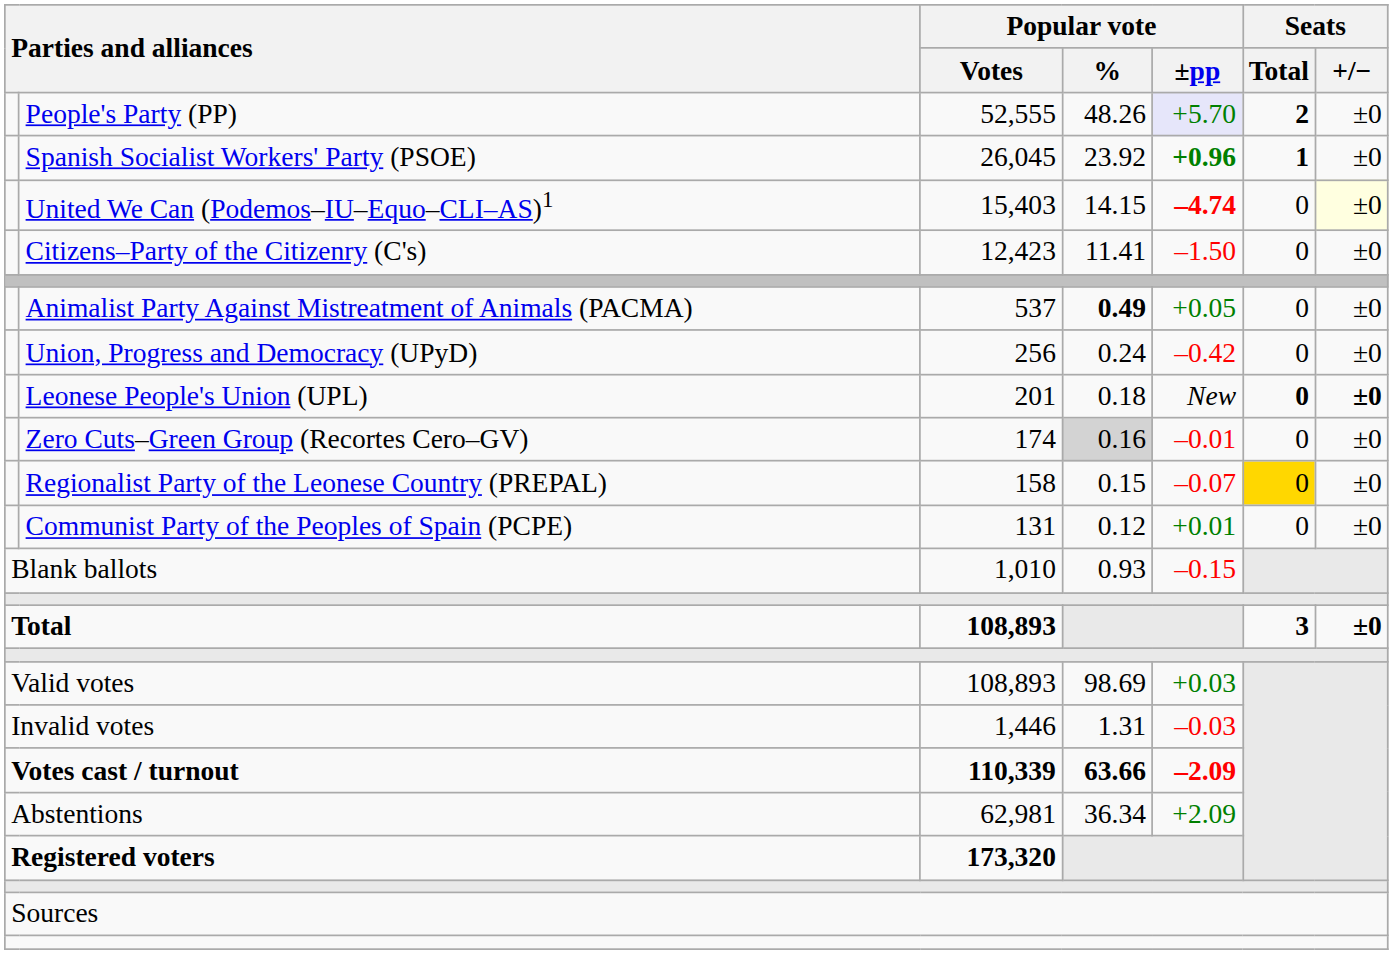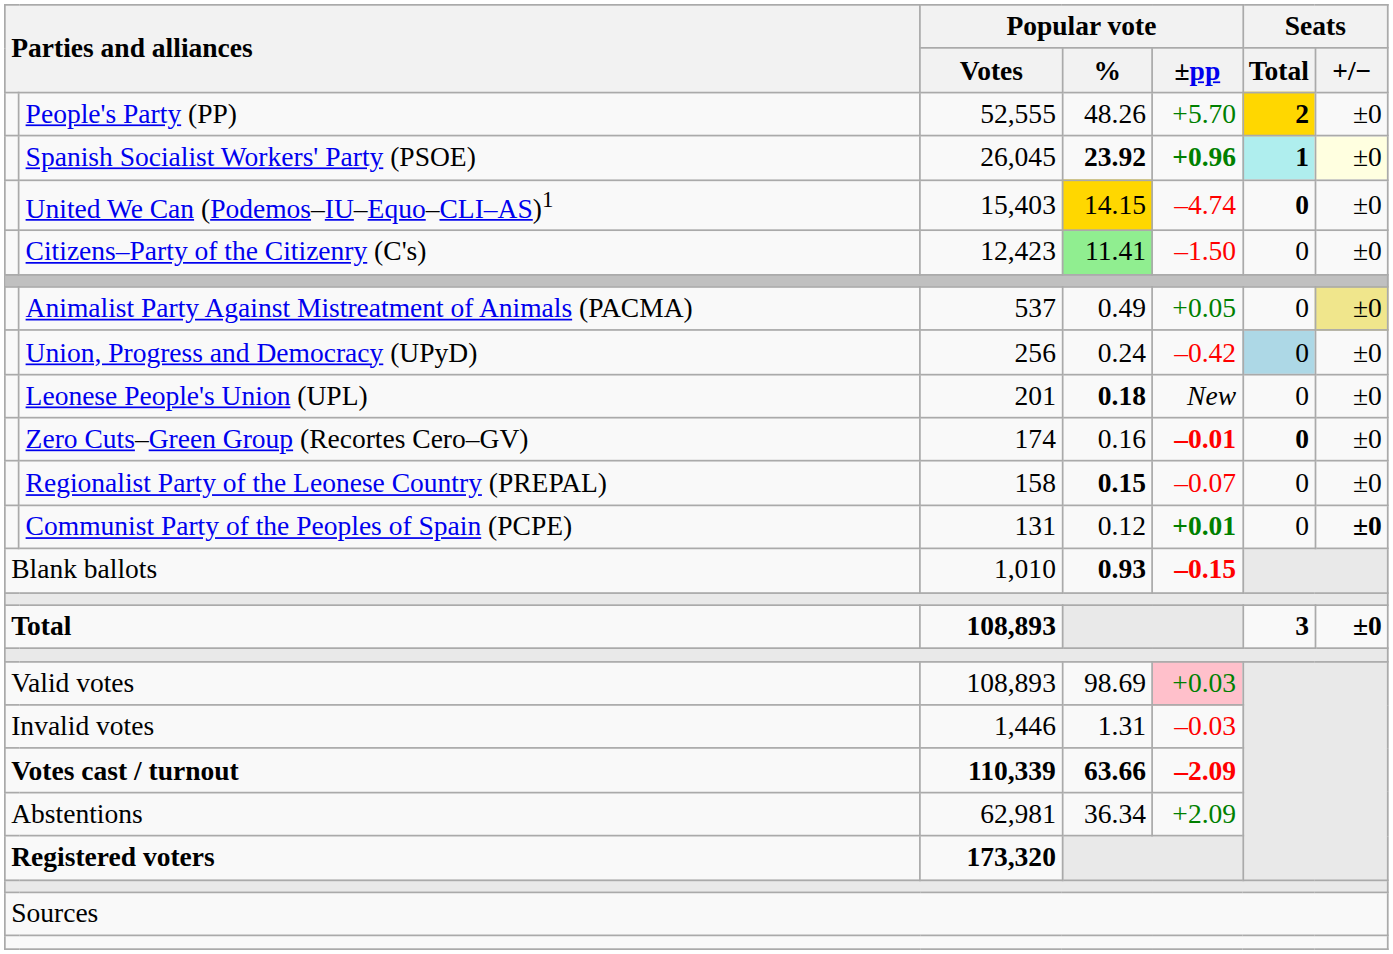 <table class="wikitable" style="text-align:right;">
 <tr>
 <th style="text-align:left;" rowspan="2" colspan="2" width="525">Parties and alliances</th>
 <th colspan="3">Popular vote</th>
 <th colspan="2">Seats</th>
 </tr>
 <tr>
 <th width="75">Votes</th>
 <th width="45">%</th>
 <th width="45">±<a href='#'>pp</a></th>
 <th width="35">Total</th>
 <th width="35">+/−</th>
 </tr>
 <tr>
 <td width="1" style="color:inherit;background:"></td>
 <td align="left"><a href='#'>People's Party</a> (PP)</td>
 <td>52,555</td>
 <td>48.26</td>
-<td style="background: lavender; color:green;">+5.70</td>
-<td><strong>2</strong></td>
+<td style="color:green;">+5.70</td>
+<td style="background: gold;"><strong>2</strong></td>
 <td>±0</td>
 </tr>
 <tr>
 <td style="color:inherit;background:"></td>
 <td align="left"><a href='#'>Spanish Socialist Workers' Party</a> (PSOE)</td>
 <td>26,045</td>
-<td>23.92</td>
+<td><strong>23.92</strong></td>
 <td style="color:green;"><strong>+0.96</strong></td>
-<td><strong>1</strong></td>
-<td>±0</td>
+<td style="background: paleturquoise;"><strong>1</strong></td>
+<td style="background: lightyellow;">±0</td>
 </tr>
 <tr>
 <td style="color:inherit;background:"></td>
 <td align="left"><a href='#'>United We Can</a> (<a href='#'>Podemos</a>–<a href='#'>IU</a>–<a href='#'>Equo</a>–<a href='#'>CLI–AS</a>)<sup>1</sup></td>
 <td>15,403</td>
-<td>14.15</td>
-<td style="color:red;"><strong>–4.74</strong></td>
-<td>0</td>
-<td style="background: lightyellow;">±0</td>
+<td style="background: gold;">14.15</td>
+<td style="color:red;">–4.74</td>
+<td><strong>0</strong></td>
+<td>±0</td>
 </tr>
 <tr>
 <td style="color:inherit;background:"></td>
 <td align="left"><a href='#'>Citizens–Party of the Citizenry</a> (C's)</td>
 <td>12,423</td>
-<td>11.41</td>
+<td style="background: lightgreen;">11.41</td>
 <td style="color:red;">–1.50</td>
 <td>0</td>
 <td>±0</td>
 </tr>
 <tr>
 <td colspan="7" bgcolor="#C0C0C0"></td>
 </tr>
 <tr>
 <td style="color:inherit;background:"></td>
 <td align="left"><a href='#'>Animalist Party Against Mistreatment of Animals</a> (PACMA)</td>
 <td>537</td>
-<td><strong>0.49</strong></td>
+<td>0.49</td>
 <td style="color:green;">+0.05</td>
 <td>0</td>
-<td>±0</td>
+<td style="background: khaki;">±0</td>
 </tr>
 <tr>
 <td style="color:inherit;background:"></td>
 <td align="left"><a href='#'>Union, Progress and Democracy</a> (UPyD)</td>
 <td>256</td>
 <td>0.24</td>
 <td style="color:red;">–0.42</td>
-<td>0</td>
+<td style="background: lightblue;">0</td>
 <td>±0</td>
 </tr>
 <tr>
 <td style="color:inherit;background:"></td>
 <td align="left"><a href='#'>Leonese People's Union</a> (UPL)</td>
 <td>201</td>
-<td>0.18</td>
+<td><strong>0.18</strong></td>
 <td><em>New</em></td>
-<td><strong>0</strong></td>
-<td><strong>±0</strong></td>
+<td>0</td>
+<td>±0</td>
 </tr>
 <tr>
 <td style="color:inherit;background:"></td>
 <td align="left"><a href='#'>Zero Cuts</a>–<a href='#'>Green Group</a> (Recortes Cero–GV)</td>
 <td>174</td>
-<td style="background: lightgrey;">0.16</td>
-<td style="color:red;">–0.01</td>
-<td>0</td>
+<td>0.16</td>
+<td style="color:red;"><strong>–0.01</strong></td>
+<td><strong>0</strong></td>
 <td>±0</td>
 </tr>
 <tr>
 <td style="color:inherit;background:"></td>
 <td align="left"><a href='#'>Regionalist Party of the Leonese Country</a> (PREPAL)</td>
 <td>158</td>
-<td>0.15</td>
+<td><strong>0.15</strong></td>
 <td style="color:red;">–0.07</td>
-<td style="background: gold;">0</td>
+<td>0</td>
 <td>±0</td>
 </tr>
 <tr>
 <td style="color:inherit;background:"></td>
 <td align="left"><a href='#'>Communist Party of the Peoples of Spain</a> (PCPE)</td>
 <td>131</td>
 <td>0.12</td>
-<td style="color:green;">+0.01</td>
+<td style="color:green;"><strong>+0.01</strong></td>
 <td>0</td>
-<td>±0</td>
+<td><strong>±0</strong></td>
 </tr>
 <tr>
 <td align="left" colspan="2">Blank ballots</td>
 <td>1,010</td>
-<td>0.93</td>
-<td style="color:red;">–0.15</td>
+<td><strong>0.93</strong></td>
+<td style="color:red;"><strong>–0.15</strong></td>
 <td bgcolor="#E9E9E9" colspan="2"></td>
 </tr>
 <tr>
 <td colspan="7" bgcolor="#E9E9E9"></td>
 </tr>
 <tr style="font-weight:bold;">
 <td align="left" colspan="2">Total</td>
 <td>108,893</td>
 <td bgcolor="#E9E9E9" colspan="2"></td>
 <td>3</td>
 <td>±0</td>
 </tr>
 <tr>
 <td colspan="7" bgcolor="#E9E9E9"></td>
 </tr>
 <tr>
 <td align="left" colspan="2">Valid votes</td>
 <td>108,893</td>
 <td>98.69</td>
-<td style="color:green;">+0.03</td>
+<td style="background: pink; color:green;">+0.03</td>
 <td bgcolor="#E9E9E9" colspan="2" rowspan="5"></td>
 </tr>
 <tr>
 <td align="left" colspan="2">Invalid votes</td>
 <td>1,446</td>
 <td>1.31</td>
 <td style="color:red;">–0.03</td>
 </tr>
 <tr style="font-weight:bold;">
 <td align="left" colspan="2">Votes cast / turnout</td>
 <td>110,339</td>
 <td>63.66</td>
 <td style="color:red;">–2.09</td>
 </tr>
 <tr>
 <td align="left" colspan="2">Abstentions</td>
 <td>62,981</td>
 <td>36.34</td>
 <td style="color:green;">+2.09</td>
 </tr>
 <tr style="font-weight:bold;">
 <td align="left" colspan="2">Registered voters</td>
 <td>173,320</td>
 <td bgcolor="#E9E9E9" colspan="2"></td>
 </tr>
 <tr>
 <td colspan="7" bgcolor="#E9E9E9"></td>
 </tr>
 <tr>
 <td align="left" colspan="7">Sources</td>
 </tr>
 <tr>
 <td colspan="7" style="text-align:left; max-width:790px;"></td>
 </tr>
 </table>
